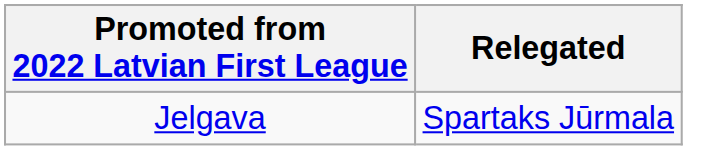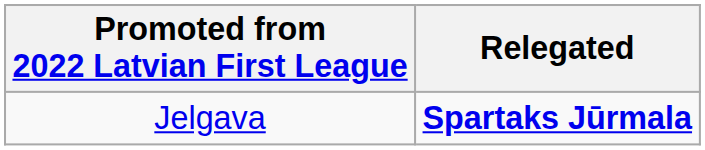 <table class="wikitable">
 <tr>
 <th>Promoted from<br><a href='#'>2022 Latvian First League</a></th>
 <th>Relegated</th>
 </tr>
 <tr>
 <td align=center><a href='#'>Jelgava</a></td>
-<td align=center><a href='#'>Spartaks Jūrmala</a></td>
+<td align=center><strong><a href='#'>Spartaks Jūrmala</a></strong></td>
 </tr>
 </table>
